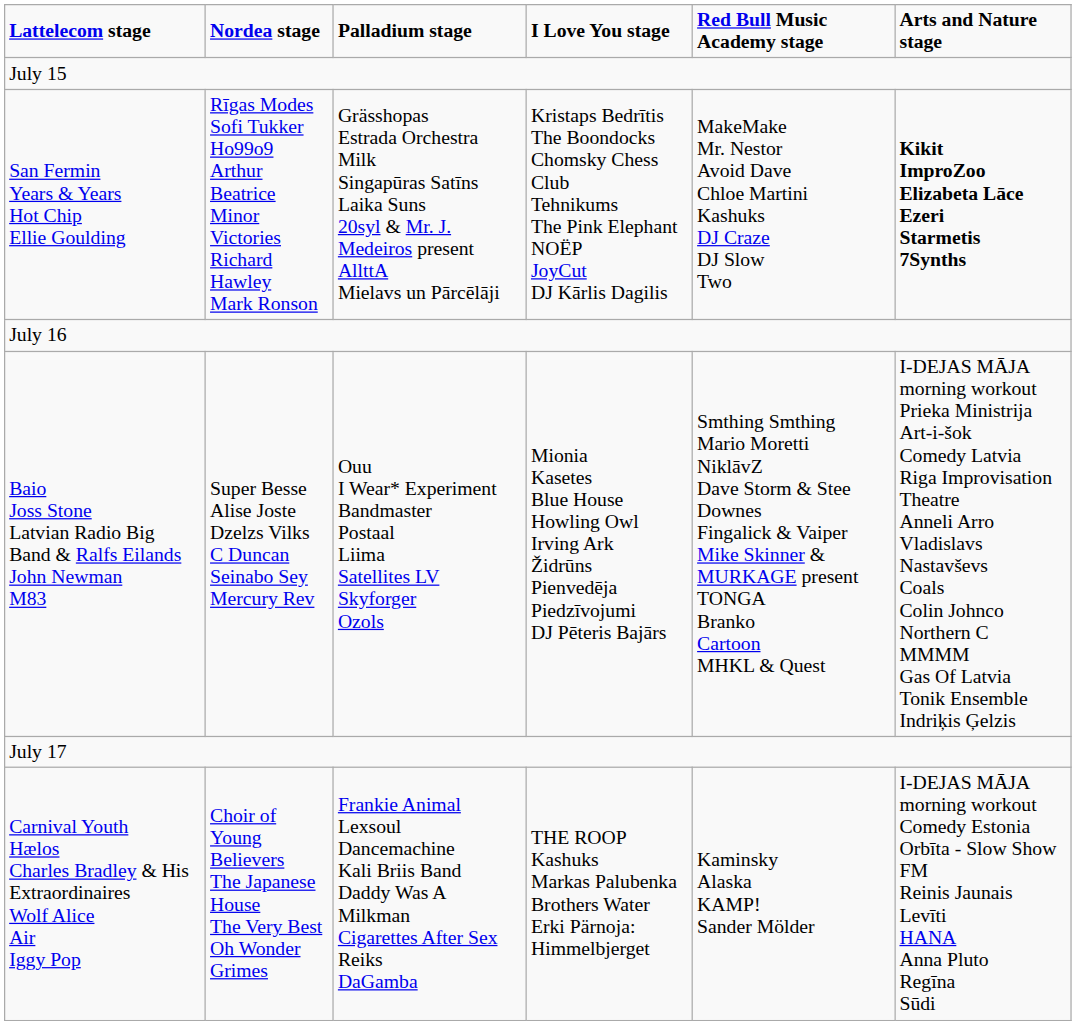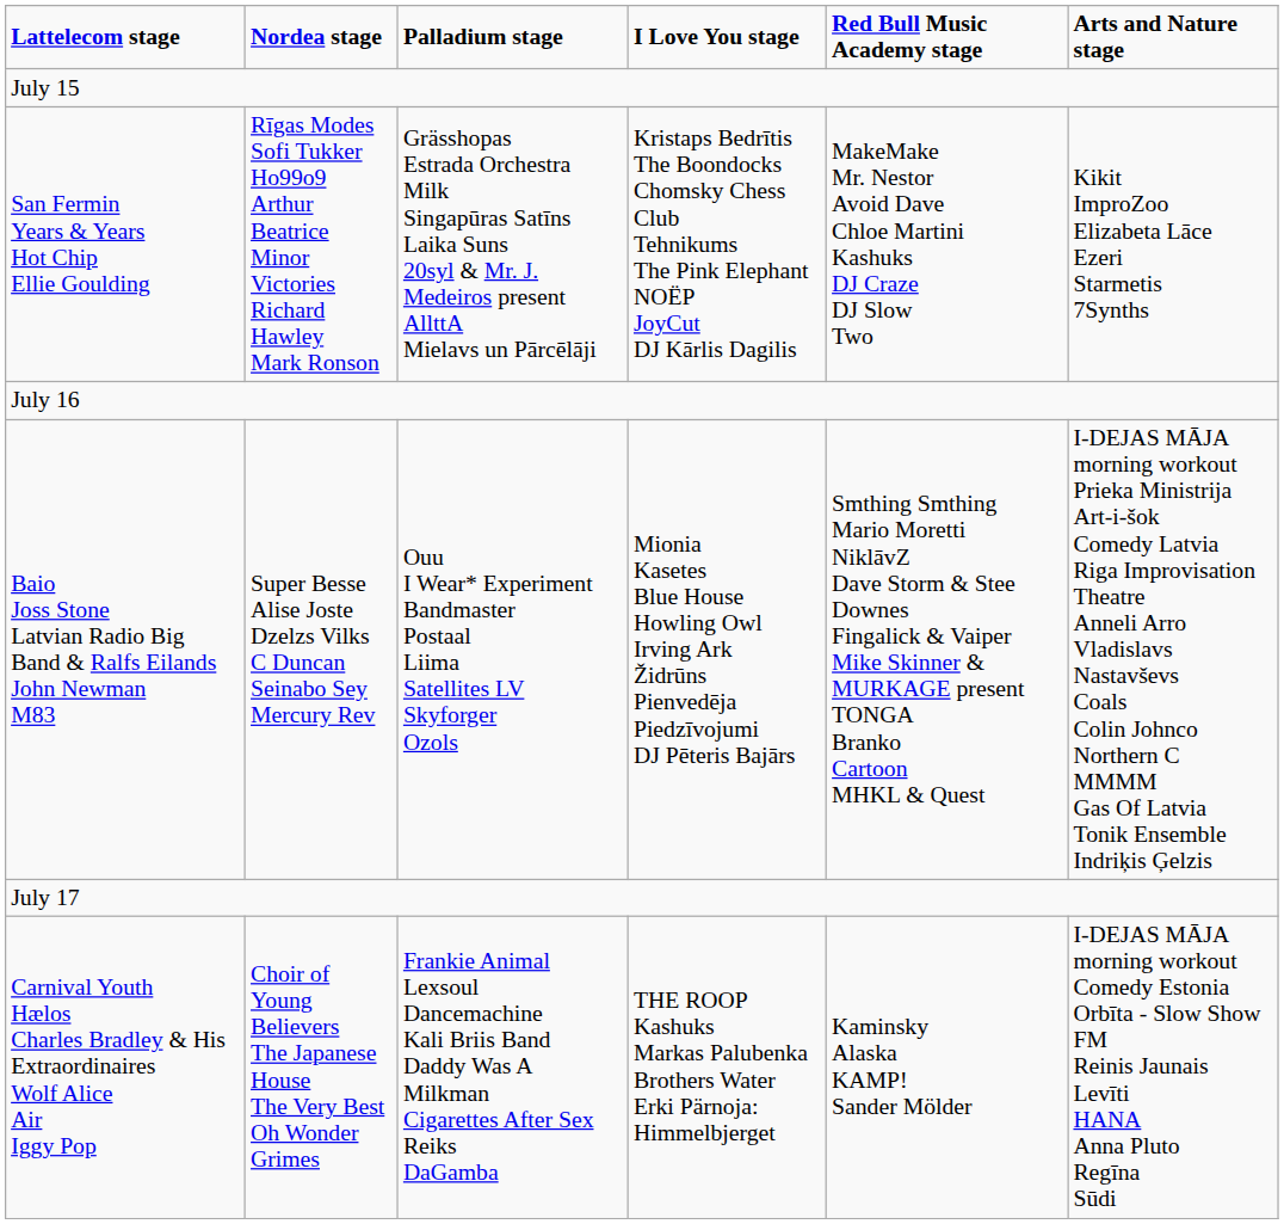 <table class="wikitable">
 <tr>
 <td><strong><a href='#'>Lattelecom</a> stage</strong></td>
 <td><strong><a href='#'>Nordea</a> stage</strong></td>
 <td><strong>Palladium stage</strong></td>
 <td><strong>I Love You stage</strong></td>
 <td><strong><a href='#'>Red Bull</a> Music Academy stage</strong></td>
 <td><strong>Arts and Nature stage</strong></td>
 </tr>
 <tr>
 <td colspan="7">July 15</td>
 </tr>
 <tr>
 <td><a href='#'>San Fermin</a><br> <a href='#'>Years & Years</a><br> <a href='#'>Hot Chip</a><br> <a href='#'>Ellie Goulding</a><br></td>
 <td><a href='#'>Rīgas Modes</a><br> <a href='#'>Sofi Tukker</a><br> <a href='#'>Ho99o9</a><br> <a href='#'>Arthur Beatrice</a><br> <a href='#'>Minor Victories</a><br> <a href='#'>Richard Hawley</a><br> <a href='#'>Mark Ronson</a><br></td>
 <td>Grässhopas<br>  Estrada Orchestra<br>  Milk<br>  Singapūras Satīns<br>  Laika Suns<br> <a href='#'>20syl</a> & <a href='#'>Mr. J. Medeiros</a> present <a href='#'>AllttA</a><br>   Mielavs un Pārcēlāji<br></td>
 <td>Kristaps Bedrītis<br>  The Boondocks<br>  Chomsky Chess Club<br>  Tehnikums<br>  The Pink Elephant<br>  NOËP<br> <a href='#'>JoyCut</a><br>  DJ Kārlis Dagilis<br></td>
 <td>MakeMake<br> Mr. Nestor<br> Avoid Dave<br> Chloe Martini<br> Kashuks<br> <a href='#'>DJ Craze</a><br> DJ Slow<br>  Two <br></td>
-<td><strong>Kikit<br>  ImproZoo<br>  Elizabeta Lāce<br>  Ezeri<br>  Starmetis<br>  7Synths<br></strong></td>
+<td>Kikit<br>  ImproZoo<br>  Elizabeta Lāce<br>  Ezeri<br>  Starmetis<br>  7Synths<br></td>
 </tr>
 <tr>
 <td colspan="7">July 16</td>
 </tr>
 <tr>
 <td><a href='#'>Baio</a><br> <a href='#'>Joss Stone</a><br> Latvian Radio Big Band & <a href='#'>Ralfs Eilands</a><br> <a href='#'>John Newman</a><br> <a href='#'>M83</a><br></td>
 <td>Super Besse<br> Alise Joste<br> Dzelzs Vilks<br> <a href='#'>C Duncan</a><br> <a href='#'>Seinabo Sey</a><br> <a href='#'>Mercury Rev</a><br></td>
 <td>Ouu<br>  I Wear* Experiment<br>  Bandmaster<br>  Postaal<br>  Liima<br> <a href='#'>Satellites LV</a><br> <a href='#'>Skyforger</a><br> <a href='#'>Ozols</a><br></td>
 <td>Mionia<br> Kasetes<br> Blue House<br> Howling Owl<br> Irving Ark<br> Židrūns<br>  Pienvedēja Piedzīvojumi<br>  DJ Pēteris Bajārs<br></td>
 <td>Smthing Smthing<br>  Mario Moretti<br>  NiklāvZ <br>  Dave Storm & Stee Downes<br>  Fingalick & Vaiper<br> <a href='#'>Mike Skinner</a> & <a href='#'>MURKAGE</a> present TONGA<br> Branko<br> <a href='#'>Cartoon</a><br> MHKL & Quest<br></td>
 <td>I-DEJAS MĀJA morning workout<br>  Prieka Ministrija<br>  Art-i-šok<br>  Comedy Latvia<br>  Riga Improvisation Theatre<br>  Anneli Arro<br>  Vladislavs Nastavševs<br>  Coals<br>  Colin Johnco<br>  Northern C <br>  MMMM<br>  Gas Of Latvia<br>  Tonik Ensemble<br>  Indriķis Ģelzis<br></td>
 </tr>
 <tr>
 <td colspan="7">July 17</td>
 </tr>
 <tr>
 <td><a href='#'>Carnival Youth</a><br> <a href='#'>Hælos</a><br> <a href='#'>Charles Bradley</a> & His Extraordinaires<br> <a href='#'>Wolf Alice</a><br> <a href='#'>Air</a><br> <a href='#'>Iggy Pop</a><br></td>
 <td><a href='#'>Choir of Young Believers</a><br> <a href='#'>The Japanese House</a><br> <a href='#'>The Very Best</a><br> <a href='#'>Oh Wonder</a><br> <a href='#'>Grimes</a><br></td>
 <td><a href='#'>Frankie Animal</a><br> Lexsoul Dancemachine<br> Kali Briis Band<br> Daddy Was A Milkman<br> <a href='#'>Cigarettes After Sex</a><br> Reiks<br> <a href='#'>DaGamba</a><br></td>
 <td>THE ROOP<br> Kashuks<br> Markas Palubenka<br> Brothers Water<br> Erki Pärnoja: Himmelbjerget<br></td>
 <td>Kaminsky<br> Alaska<br> KAMP!<br> Sander Mölder<br></td>
 <td>I-DEJAS MĀJA morning workout<br>  Comedy Estonia<br>  Orbīta - Slow Show FM<br>  Reinis Jaunais<br>  Levīti<br> <a href='#'>HANA</a><br> Anna Pluto<br>  Regīna<br>  Sūdi<br></td>
 </tr>
 </table>
